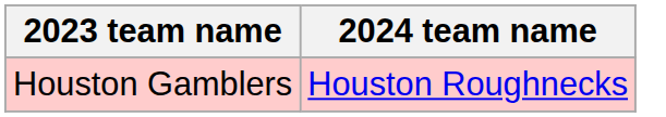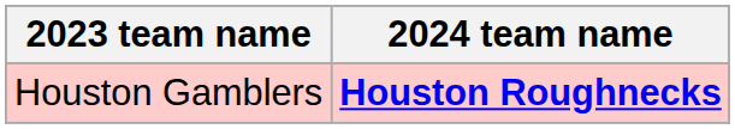 <table class="wikitable">
 <tr>
 <th>2023 team name</th>
 <th>2024 team name</th>
 </tr>
 <tr>
 <td style="background-color: #FFCCCC;">Houston Gamblers</td>
-<td style="background-color: #FFCCCC;"><a href='#'>Houston Roughnecks</a></td>
+<td style="background-color: #FFCCCC;"><strong><a href='#'>Houston Roughnecks</a></strong></td>
 </tr>
 </table>
